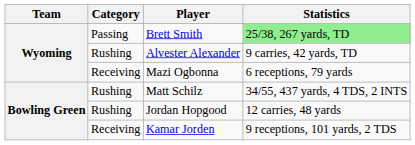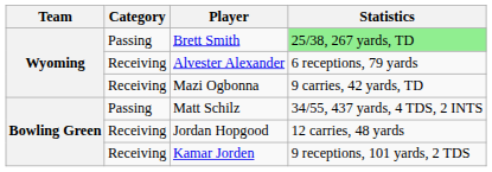 <table class="wikitable" style="float:right">
 <tr>
 <th>Team</th>
 <th>Category</th>
 <th>Player</th>
 <th>Statistics</th>
 </tr>
 <tr>
 <th rowspan=3>Wyoming</th>
 <td>Passing</td>
 <td><a href='#'>Brett Smith</a></td>
 <td style="background: lightgreen;">25/38, 267 yards, TD</td>
 </tr>
 <tr>
-<td>Rushing</td>
+<td>Receiving</td>
 <td><a href='#'>Alvester Alexander</a></td>
-<td>9 carries, 42 yards, TD</td>
+<td>6 receptions, 79 yards</td>
 </tr>
 <tr>
 <td>Receiving</td>
 <td>Mazi Ogbonna</td>
-<td>6 receptions, 79 yards</td>
+<td>9 carries, 42 yards, TD</td>
 </tr>
 <tr>
 <th rowspan=3>Bowling Green</th>
-<td>Rushing</td>
+<td>Passing</td>
 <td>Matt Schilz</td>
 <td>34/55, 437 yards, 4 TDS, 2 INTS</td>
 </tr>
 <tr>
-<td>Rushing</td>
+<td>Receiving</td>
 <td>Jordan Hopgood</td>
 <td>12 carries, 48 yards</td>
 </tr>
 <tr>
 <td>Receiving</td>
 <td><a href='#'>Kamar Jorden</a></td>
 <td>9 receptions, 101 yards, 2 TDS</td>
 </tr>
 </table>
